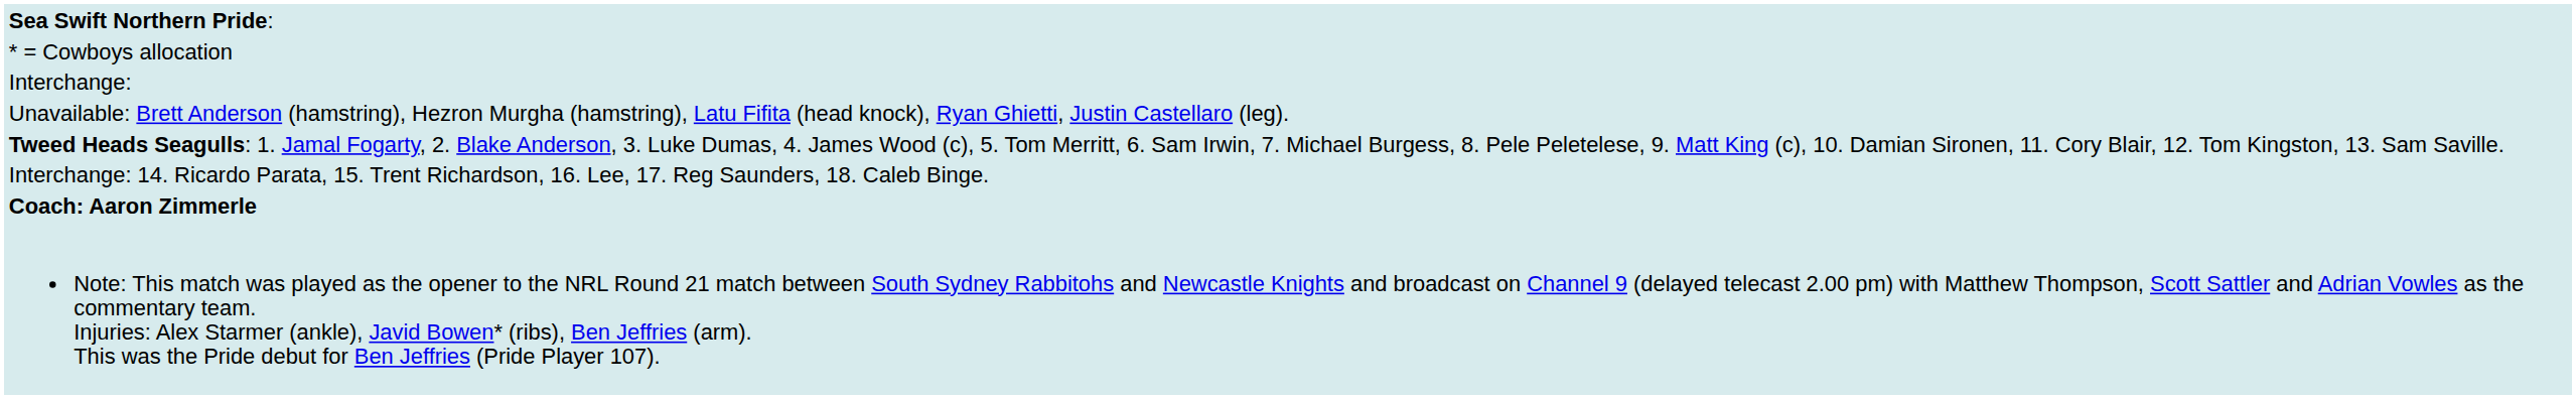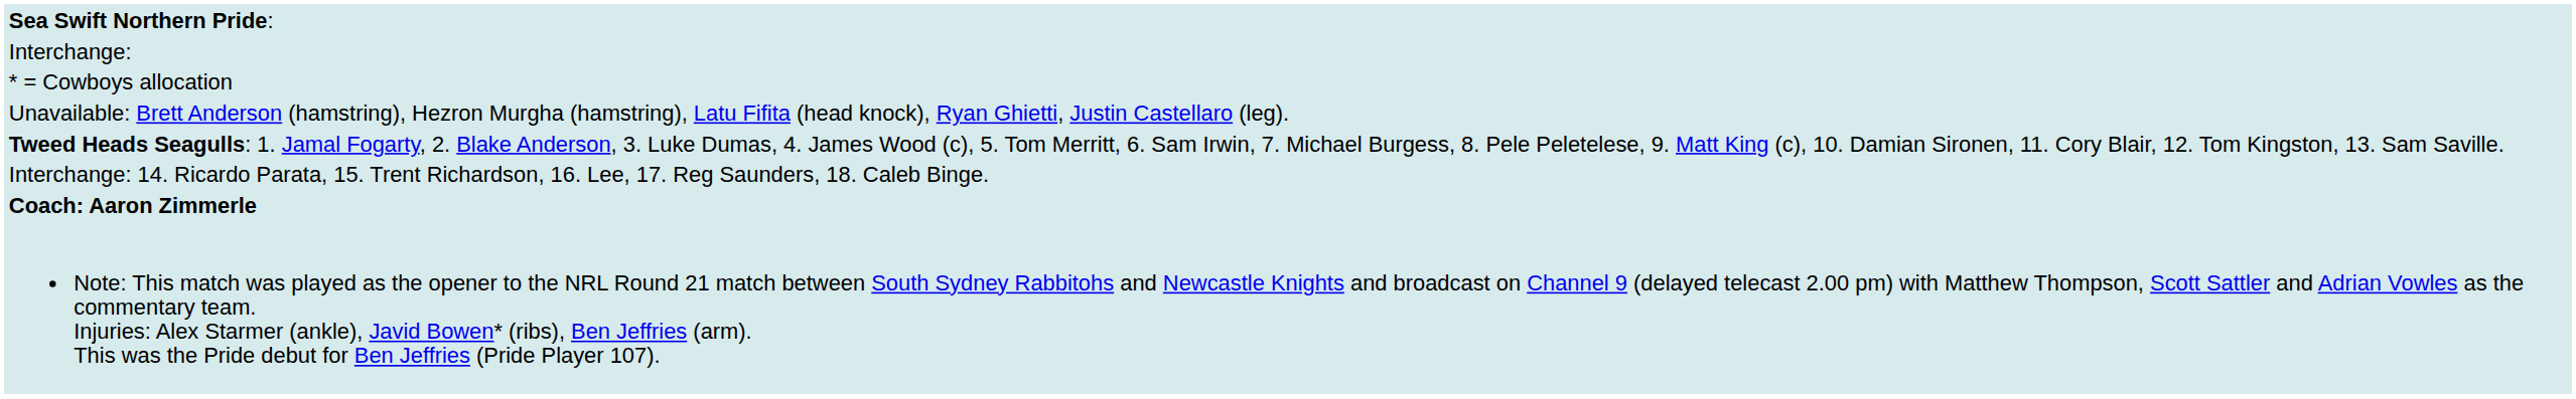 <table style="background:#d7ebed; font-size:85%; width:100%;">
 <tr>
 <td><strong>Sea Swift Northern Pride</strong>:             </td>
 </tr>
 <tr>
-<td>* = Cowboys allocation</td>
+<td>Interchange:    </td>
 </tr>
 <tr>
-<td>Interchange:    </td>
+<td>* = Cowboys allocation</td>
 </tr>
 <tr>
 <td>Unavailable: <a href='#'>Brett Anderson</a> (hamstring), Hezron Murgha (hamstring), <a href='#'>Latu Fifita</a> (head knock), <a href='#'>Ryan Ghietti</a>, <a href='#'>Justin Castellaro</a> (leg).</td>
 </tr>
 <tr>
 <td><strong>Tweed Heads Seagulls</strong>: 1. <a href='#'>Jamal Fogarty</a>, 2. <a href='#'>Blake Anderson</a>, 3. Luke Dumas, 4. James Wood (c), 5. Tom Merritt, 6. Sam Irwin, 7. Michael Burgess, 8. Pele Peletelese, 9. <a href='#'>Matt King</a> (c), 10. Damian Sironen, 11. Cory Blair, 12. Tom Kingston, 13. Sam Saville.</td>
 </tr>
 <tr>
 <td>Interchange: 14. Ricardo Parata, 15. Trent Richardson, 16.  Lee, 17. Reg Saunders, 18. Caleb Binge.</td>
 </tr>
 <tr>
 <td><strong>Coach: Aaron Zimmerle</strong></td>
 </tr>
 <tr>
 <td><br><ul><li>Note: This match was played as the opener to the NRL Round 21 match between <a href='#'>South Sydney Rabbitohs</a> and <a href='#'>Newcastle Knights</a> and broadcast on <a href='#'>Channel 9</a> (delayed telecast 2.00 pm) with Matthew Thompson, <a href='#'>Scott Sattler</a> and <a href='#'>Adrian Vowles</a> as the commentary team.<br>Injuries: Alex Starmer (ankle), <a href='#'>Javid Bowen</a>* (ribs), <a href='#'>Ben Jeffries</a> (arm).<br>This was the Pride debut for <a href='#'>Ben Jeffries</a> (Pride Player 107).</li></ul></td>
 </tr>
 </table>
